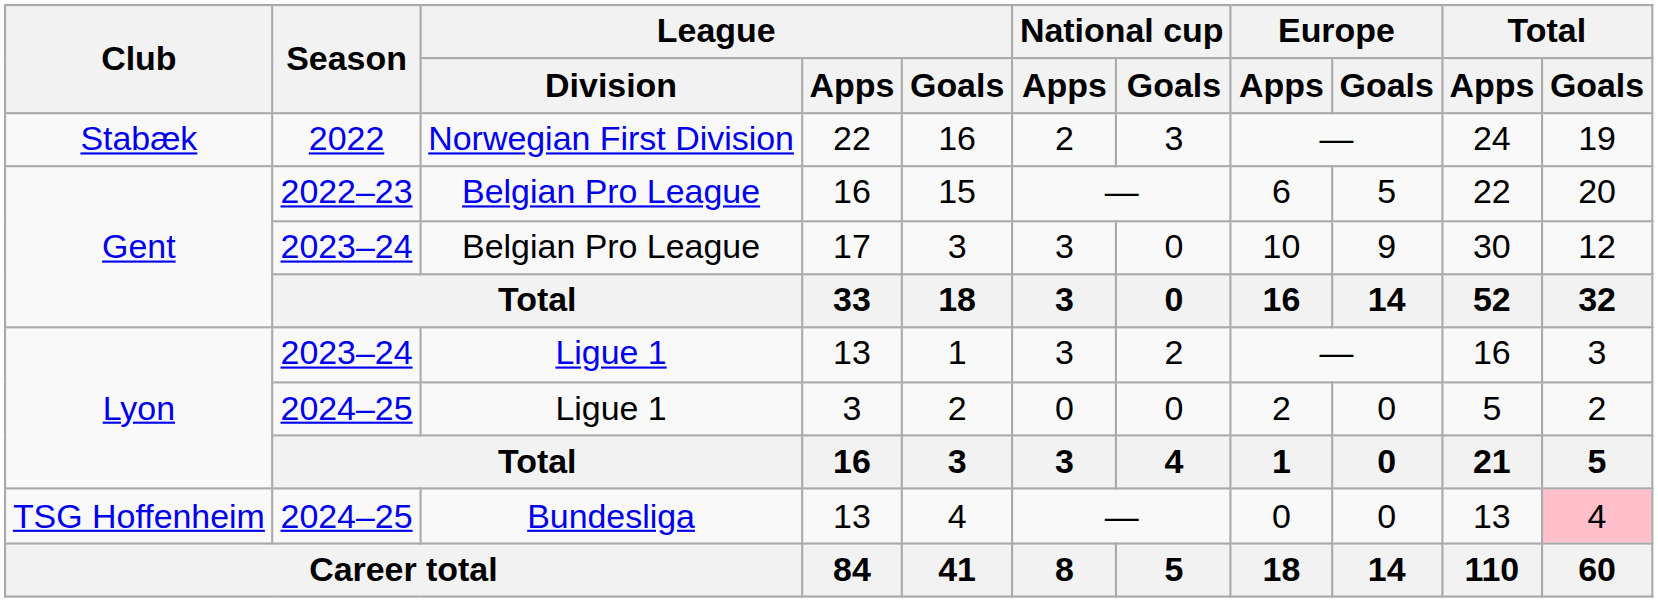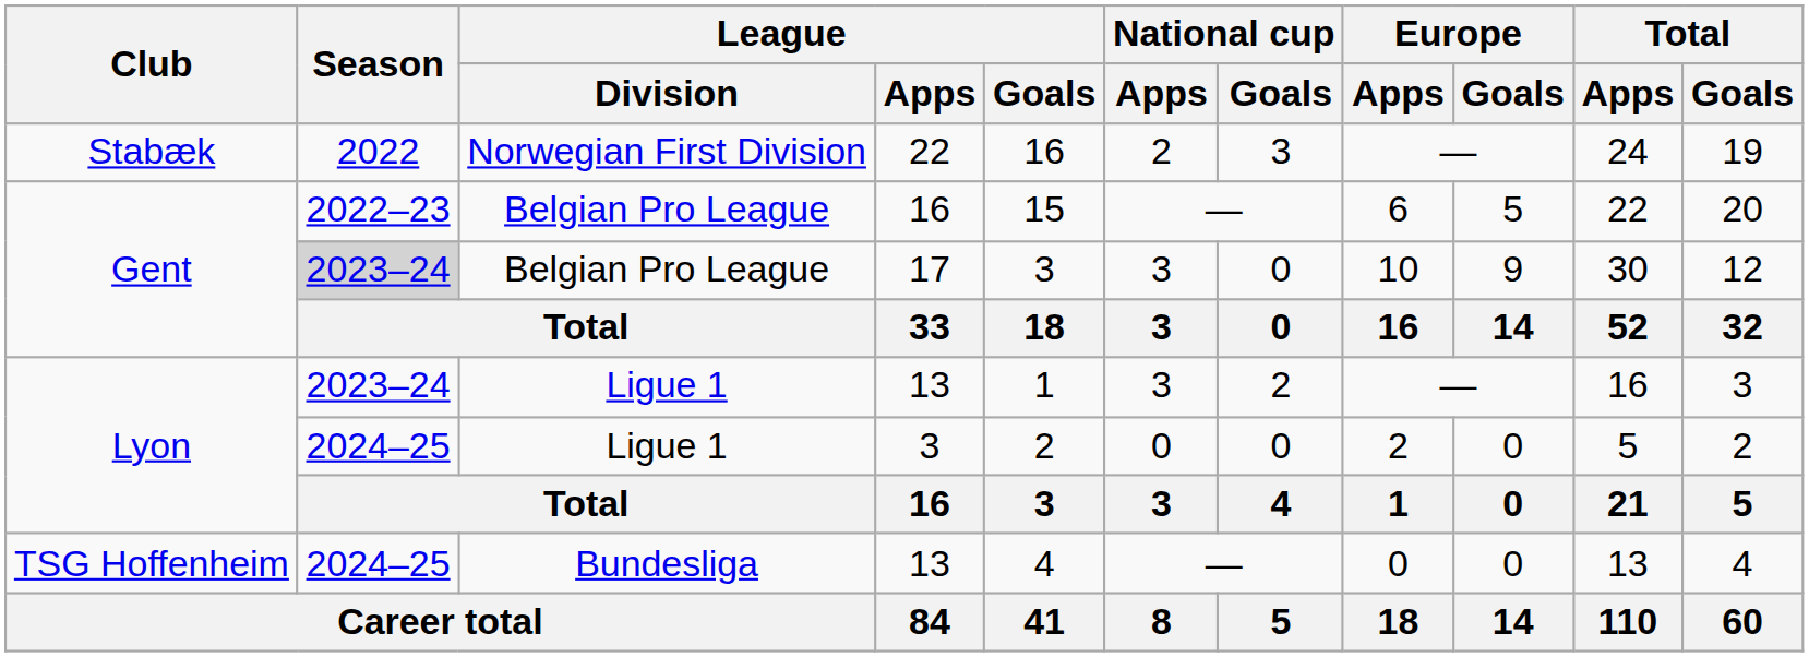 <table class="wikitable" style="text-align:center">
 <tr>
 <th rowspan="2">Club</th>
 <th rowspan="2">Season</th>
 <th colspan="3">League</th>
 <th colspan="2">National cup</th>
 <th colspan="2">Europe</th>
 <th colspan="2">Total</th>
 </tr>
 <tr>
 <th>Division</th>
 <th>Apps</th>
 <th>Goals</th>
 <th>Apps</th>
 <th>Goals</th>
 <th>Apps</th>
 <th>Goals</th>
 <th>Apps</th>
 <th>Goals</th>
 </tr>
 <tr>
 <td><a href='#'>Stabæk</a></td>
 <td><a href='#'>2022</a></td>
 <td><a href='#'>Norwegian First Division</a></td>
 <td>22</td>
 <td>16</td>
 <td>2</td>
 <td>3</td>
 <td colspan="2">—</td>
 <td>24</td>
 <td>19</td>
 </tr>
 <tr>
 <td rowspan="3"><a href='#'>Gent</a></td>
 <td><a href='#'>2022–23</a></td>
 <td><a href='#'>Belgian Pro League</a></td>
 <td>16</td>
 <td>15</td>
 <td colspan="2">—</td>
 <td>6</td>
 <td>5</td>
 <td>22</td>
 <td>20</td>
 </tr>
 <tr>
-<td><a href='#'>2023–24</a></td>
+<td style="background: lightgrey;"><a href='#'>2023–24</a></td>
 <td>Belgian Pro League</td>
 <td>17</td>
 <td>3</td>
 <td>3</td>
 <td>0</td>
 <td>10</td>
 <td>9</td>
 <td>30</td>
 <td>12</td>
 </tr>
 <tr>
 <th colspan="2">Total</th>
 <th>33</th>
 <th>18</th>
 <th>3</th>
 <th>0</th>
 <th>16</th>
 <th>14</th>
 <th>52</th>
 <th>32</th>
 </tr>
 <tr>
 <td rowspan="3"><a href='#'>Lyon</a></td>
 <td><a href='#'>2023–24</a></td>
 <td><a href='#'>Ligue 1</a></td>
 <td>13</td>
 <td>1</td>
 <td>3</td>
 <td>2</td>
 <td colspan="2">—</td>
 <td>16</td>
 <td>3</td>
 </tr>
 <tr>
 <td><a href='#'>2024–25</a></td>
 <td>Ligue 1</td>
 <td>3</td>
 <td>2</td>
 <td>0</td>
 <td>0</td>
 <td>2</td>
 <td>0</td>
 <td>5</td>
 <td>2</td>
 </tr>
 <tr>
 <th colspan="2">Total</th>
 <th>16</th>
 <th>3</th>
 <th>3</th>
 <th>4</th>
 <th>1</th>
 <th>0</th>
 <th>21</th>
 <th>5</th>
 </tr>
 <tr>
 <td><a href='#'>TSG Hoffenheim</a></td>
 <td><a href='#'>2024–25</a></td>
 <td><a href='#'>Bundesliga</a></td>
 <td>13</td>
 <td>4</td>
 <td colspan="2">—</td>
 <td>0</td>
 <td>0</td>
 <td>13</td>
-<td style="background: pink;">4</td>
+<td>4</td>
 </tr>
 <tr>
 <th colspan="3">Career total</th>
 <th>84</th>
 <th>41</th>
 <th>8</th>
 <th>5</th>
 <th>18</th>
 <th>14</th>
 <th>110</th>
 <th>60</th>
 </tr>
 </table>
